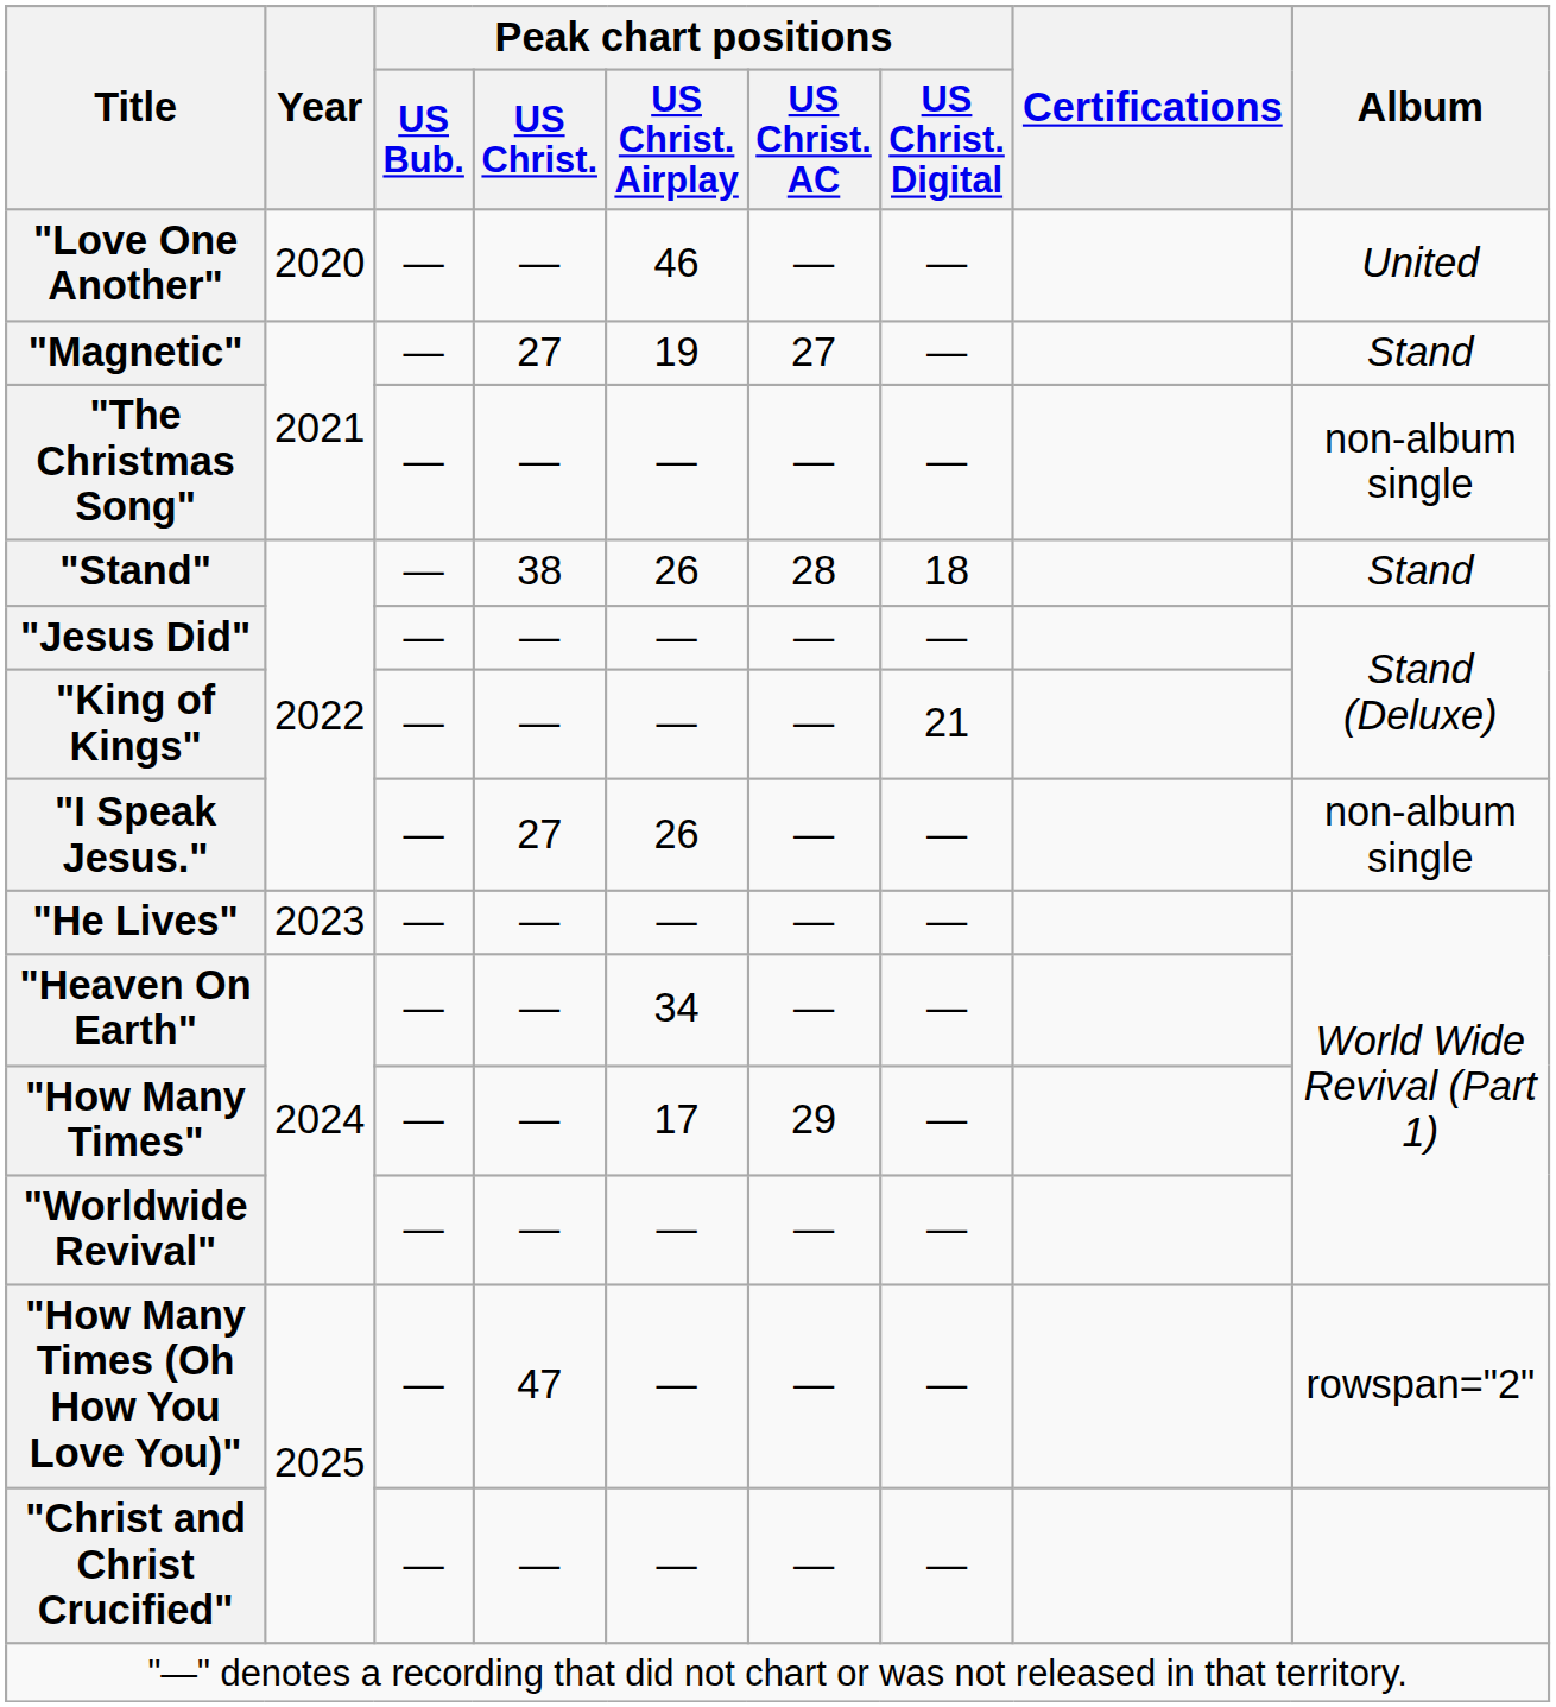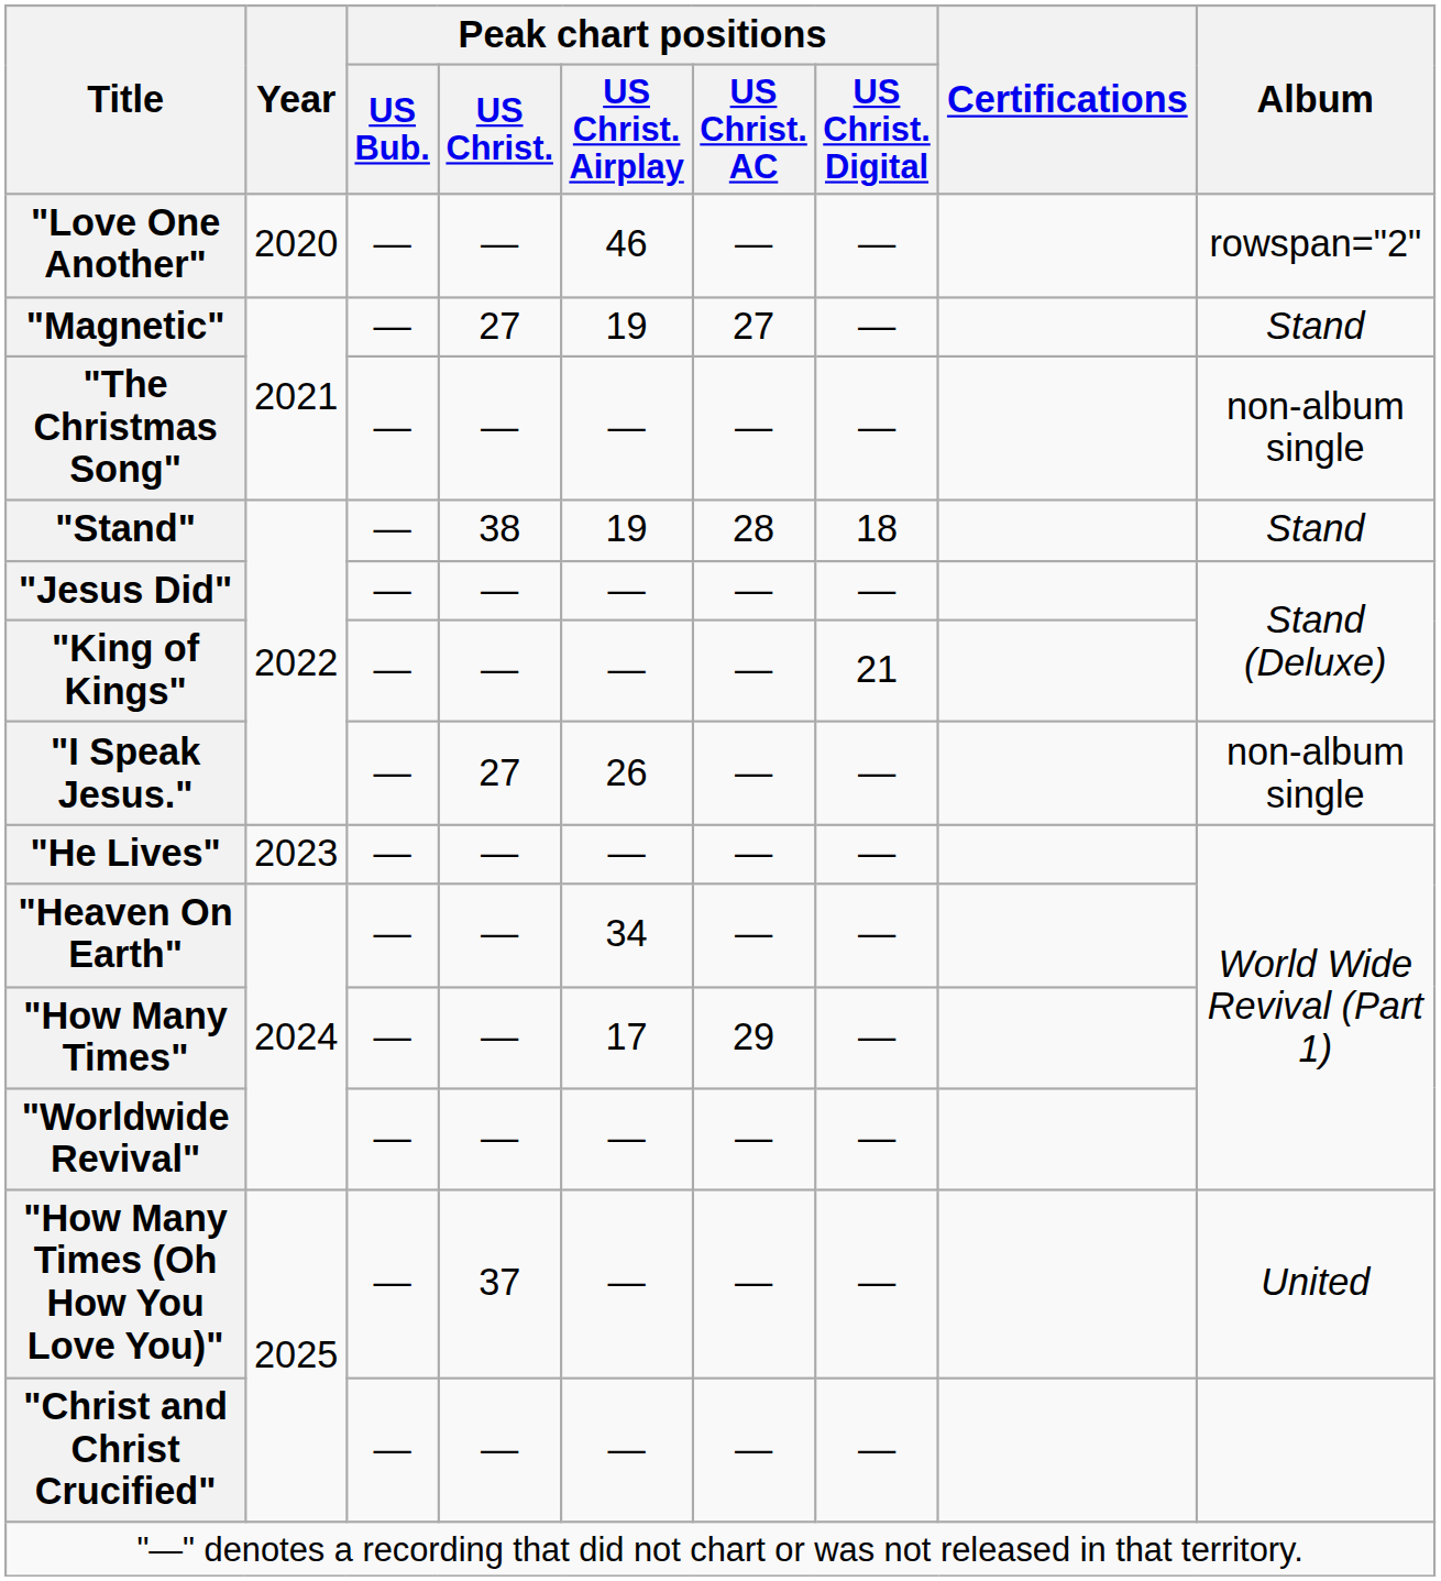 <table class="wikitable plainrowheaders" style="text-align:center;" border="1">
 <tr>
 <th scope="col" style="width:20em;" rowspan="2">Title</th>
 <th scope="col" style="width:2em;" rowspan="2">Year</th>
 <th scope="col" colspan="5">Peak chart positions</th>
 <th scope="col" rowspan="2"><a href='#'>Certifications</a><br></th>
 <th style="width:14em;" rowspan="2">Album</th>
 </tr>
 <tr>
 <th scope="col" style="width:2.5em;font-size:90%;"><a href='#'>US Bub.</a><br></th>
 <th style="width:3em; font-size:90%"><a href='#'>US<br>Christ.</a><br></th>
 <th style="width:3em; font-size:90%"><a href='#'>US<br>Christ.<br>Airplay</a><br></th>
 <th style="width:3em; font-size:90%"><a href='#'>US<br>Christ. AC</a><br></th>
 <th style="width:3em; font-size:90%"><a href='#'>US<br>Christ.<br>Digital</a><br></th>
 </tr>
 <tr>
 <th scope="row">"Love One Another"<br></th>
 <td>2020</td>
 <td>—</td>
 <td>—</td>
 <td>46</td>
 <td>—</td>
 <td>—</td>
 <td></td>
-<td><em>United</em></td>
+<td>rowspan="2" </td>
 </tr>
 <tr>
 <th scope="row">"Magnetic"</th>
 <td rowspan="2">2021</td>
 <td>—</td>
 <td>27</td>
 <td>19</td>
 <td>27</td>
 <td>—</td>
 <td></td>
 <td><em>Stand</em></td>
 </tr>
 <tr>
 <th scope="row">"The Christmas Song"</th>
 <td>—</td>
 <td>—</td>
 <td>—</td>
 <td>—</td>
 <td>—</td>
 <td></td>
 <td>non-album single</td>
 </tr>
 <tr>
 <th scope="row">"Stand"</th>
 <td rowspan=4>2022</td>
 <td>—</td>
 <td>38</td>
-<td>26</td>
+<td>19</td>
 <td>28</td>
 <td>18</td>
 <td></td>
 <td><em>Stand</em></td>
 </tr>
 <tr>
 <th scope="row">"Jesus Did"</th>
 <td>—</td>
 <td>—</td>
 <td>—</td>
 <td>—</td>
 <td>—</td>
 <td></td>
 <td rowspan=2><em>Stand (Deluxe)</em></td>
 </tr>
 <tr>
 <th scope="row">"King of Kings"<br></th>
 <td>—</td>
 <td>—</td>
 <td>—</td>
 <td>—</td>
 <td>21</td>
 <td></td>
 </tr>
 <tr>
 <th scope="row">"I Speak Jesus."</th>
 <td>—</td>
 <td>27</td>
 <td>26</td>
 <td>—</td>
 <td>—</td>
 <td></td>
 <td rowspan=1>non-album single</td>
 </tr>
 <tr>
 <th scope="row">"He Lives"</th>
 <td>2023</td>
 <td>—</td>
 <td>—</td>
 <td>—</td>
 <td>—</td>
 <td>—</td>
 <td></td>
 <td rowspan="4"><em>World Wide Revival (Part 1)</em></td>
 </tr>
 <tr>
 <th scope="row">"Heaven On Earth"</th>
 <td rowspan="3">2024</td>
 <td>—</td>
 <td>—</td>
 <td>34</td>
 <td>—</td>
 <td>—</td>
 <td></td>
 </tr>
 <tr>
 <th scope="row">"How Many Times"</th>
 <td>—</td>
 <td>—</td>
 <td>17</td>
 <td>29</td>
 <td>—</td>
 <td></td>
 </tr>
 <tr>
 <th scope="row">"Worldwide Revival"</th>
 <td>—</td>
 <td>—</td>
 <td>—</td>
 <td>—</td>
 <td>—</td>
 <td></td>
 </tr>
 <tr>
 <th scope="row">"How Many Times (Oh How You Love You)"</th>
 <td rowspan="2">2025</td>
 <td>—</td>
-<td>47</td>
+<td>37</td>
 <td>—</td>
 <td>—</td>
 <td>—</td>
 <td></td>
-<td>rowspan="2" </td>
+<td><em>United</em></td>
 </tr>
 <tr>
 <th scope="row">"Christ and Christ Crucified"<br></th>
 <td>—</td>
 <td>—</td>
 <td>—</td>
 <td>—</td>
 <td>—</td>
 <td></td>
 </tr>
 <tr>
 <td colspan="10" style="font-size:90%">"—" denotes a recording that did not chart or was not released in that territory.</td>
 </tr>
 </table>
